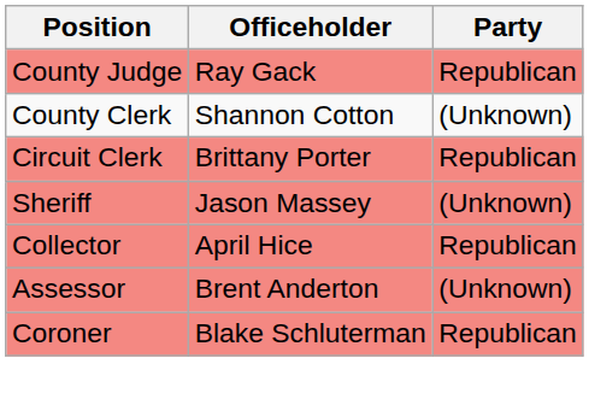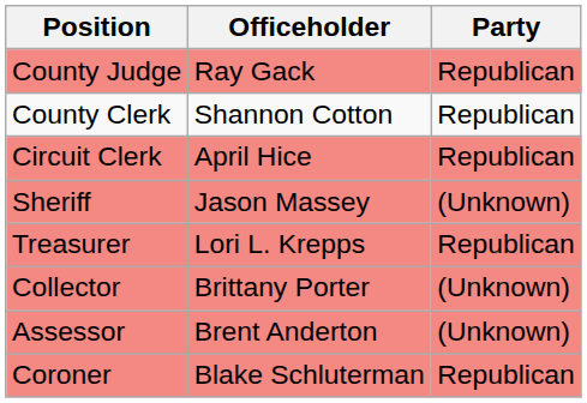 <table class="wikitable">
 <tr>
 <th>Position</th>
 <th>Officeholder</th>
 <th>Party</th>
 </tr>
 <tr style="background-color:#F48882;">
 <td>County Judge</td>
 <td>Ray Gack</td>
 <td>Republican</td>
 </tr>
 <tr>
 <td>County Clerk</td>
 <td>Shannon Cotton</td>
-<td>(Unknown)</td>
+<td>Republican</td>
 </tr>
 <tr style="background-color:#F48882;">
 <td>Circuit Clerk</td>
-<td>Brittany Porter</td>
+<td>April Hice</td>
 <td>Republican</td>
 </tr>
 <tr style="background-color:#F48882;">
 <td>Sheriff</td>
 <td>Jason Massey</td>
 <td>(Unknown)</td>
 </tr>
 <tr style="background-color:#F48882;">
+<td>Treasurer</td>
+<td>Lori L. Krepps</td>
+<td>Republican</td>
+</tr>
+<tr style="background-color:#F48882;">
 <td>Collector</td>
-<td>April Hice</td>
-<td>Republican</td>
+<td>Brittany Porter</td>
+<td>(Unknown)</td>
 </tr>
 <tr style="background-color:#F48882;">
 <td>Assessor</td>
 <td>Brent Anderton</td>
 <td>(Unknown)</td>
 </tr>
 <tr style="background-color:#F48882;">
 <td>Coroner</td>
 <td>Blake Schluterman</td>
 <td>Republican</td>
 </tr>
 </table>
